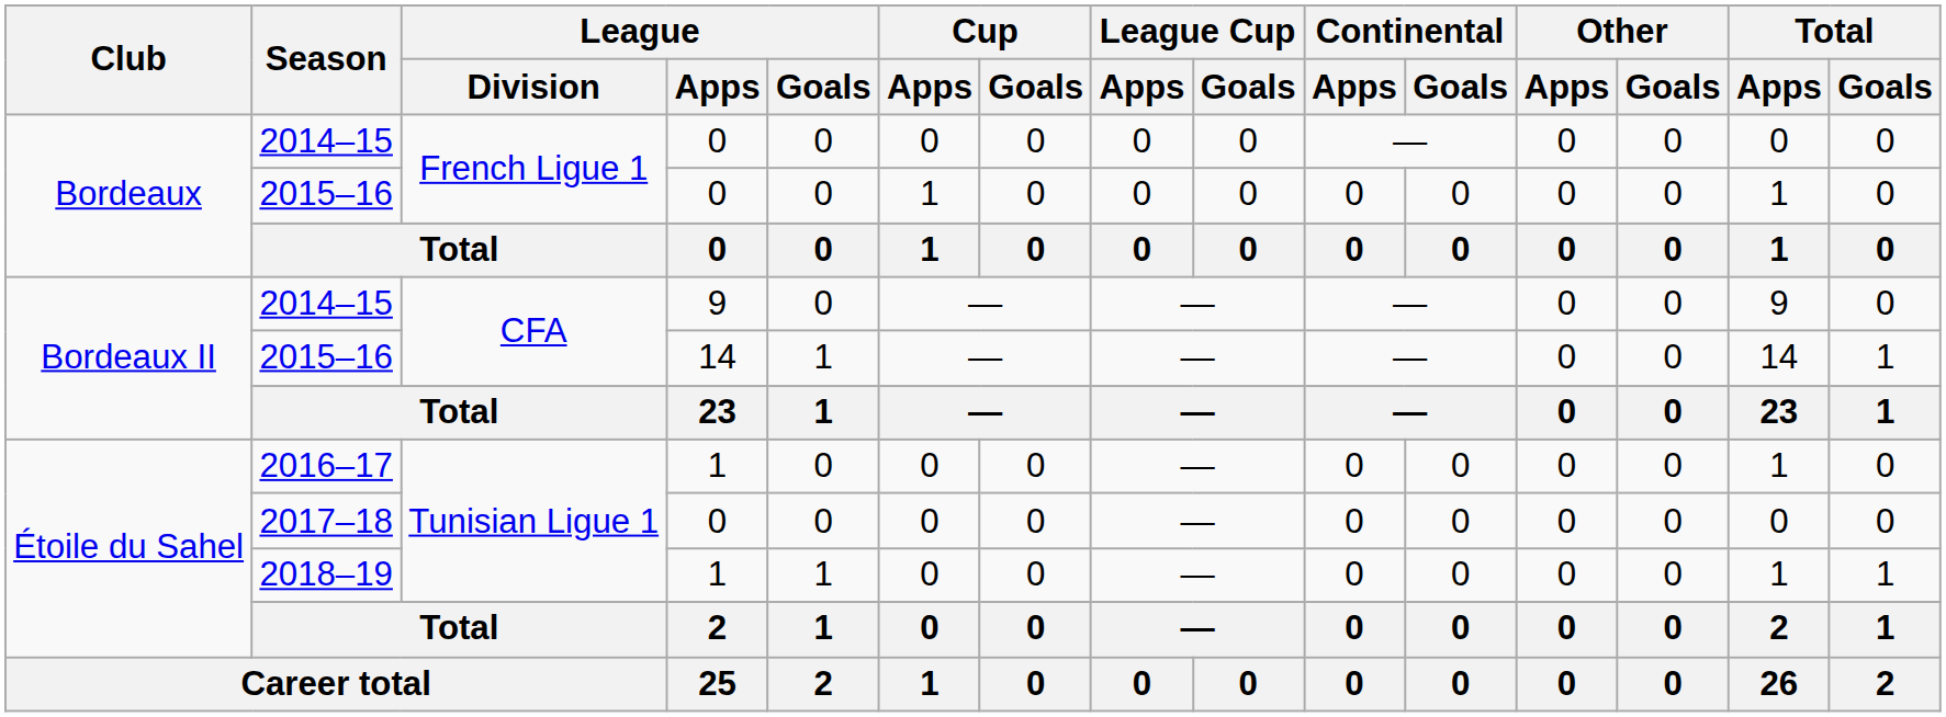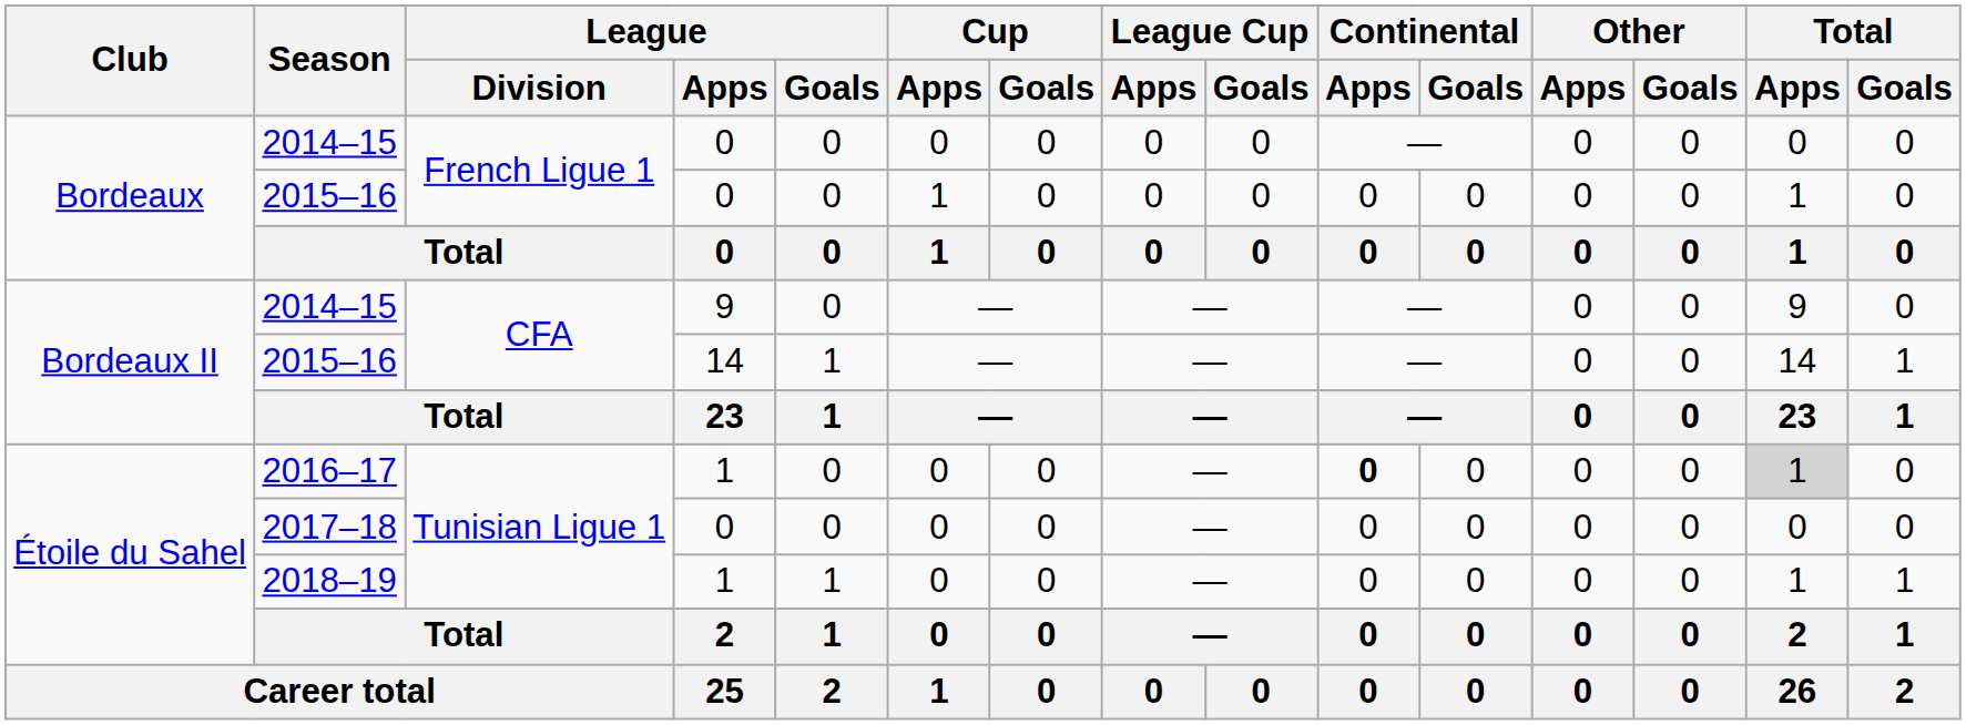 <table class="wikitable" style="text-align:center">
 <tr>
 <th rowspan="2">Club</th>
 <th rowspan="2">Season</th>
 <th colspan="3">League</th>
 <th colspan="2">Cup</th>
 <th colspan="2">League Cup</th>
 <th colspan="2">Continental</th>
 <th colspan="2">Other</th>
 <th colspan="2">Total</th>
 </tr>
 <tr>
 <th>Division</th>
 <th>Apps</th>
 <th>Goals</th>
 <th>Apps</th>
 <th>Goals</th>
 <th>Apps</th>
 <th>Goals</th>
 <th>Apps</th>
 <th>Goals</th>
 <th>Apps</th>
 <th>Goals</th>
 <th>Apps</th>
 <th>Goals</th>
 </tr>
 <tr>
 <td rowspan="3"><a href='#'>Bordeaux</a></td>
 <td><a href='#'>2014–15</a></td>
 <td rowspan="2"><a href='#'>French Ligue 1</a></td>
 <td>0</td>
 <td>0</td>
 <td>0</td>
 <td>0</td>
 <td>0</td>
 <td>0</td>
 <td colspan="2">—</td>
 <td>0</td>
 <td>0</td>
 <td>0</td>
 <td>0</td>
 </tr>
 <tr>
 <td><a href='#'>2015–16</a></td>
 <td>0</td>
 <td>0</td>
 <td>1</td>
 <td>0</td>
 <td>0</td>
 <td>0</td>
 <td>0</td>
 <td>0</td>
 <td>0</td>
 <td>0</td>
 <td>1</td>
 <td>0</td>
 </tr>
 <tr>
 <th colspan="2">Total</th>
 <th>0</th>
 <th>0</th>
 <th>1</th>
 <th>0</th>
 <th>0</th>
 <th>0</th>
 <th>0</th>
 <th>0</th>
 <th>0</th>
 <th>0</th>
 <th>1</th>
 <th>0</th>
 </tr>
 <tr>
 <td rowspan="3"><a href='#'>Bordeaux II</a></td>
 <td><a href='#'>2014–15</a></td>
 <td rowspan="2"><a href='#'>CFA</a></td>
 <td>9</td>
 <td>0</td>
 <td colspan="2">—</td>
 <td colspan="2">—</td>
 <td colspan="2">—</td>
 <td>0</td>
 <td>0</td>
 <td>9</td>
 <td>0</td>
 </tr>
 <tr>
 <td><a href='#'>2015–16</a></td>
 <td>14</td>
 <td>1</td>
 <td colspan="2">—</td>
 <td colspan="2">—</td>
 <td colspan="2">—</td>
 <td>0</td>
 <td>0</td>
 <td>14</td>
 <td>1</td>
 </tr>
 <tr>
 <th colspan="2">Total</th>
 <th>23</th>
 <th>1</th>
 <th colspan="2">—</th>
 <th colspan="2">—</th>
 <th colspan="2">—</th>
 <th>0</th>
 <th>0</th>
 <th>23</th>
 <th>1</th>
 </tr>
 <tr>
 <td rowspan="4"><a href='#'>Étoile du Sahel</a></td>
 <td><a href='#'>2016–17</a></td>
 <td rowspan="3"><a href='#'>Tunisian Ligue 1</a></td>
 <td>1</td>
 <td>0</td>
 <td>0</td>
 <td>0</td>
 <td colspan="2">—</td>
+<td><strong>0</strong></td>
 <td>0</td>
 <td>0</td>
 <td>0</td>
-<td>0</td>
-<td>1</td>
+<td style="background: lightgrey;">1</td>
 <td>0</td>
 </tr>
 <tr>
 <td><a href='#'>2017–18</a></td>
 <td>0</td>
 <td>0</td>
 <td>0</td>
 <td>0</td>
 <td colspan="2">—</td>
 <td>0</td>
 <td>0</td>
 <td>0</td>
 <td>0</td>
 <td>0</td>
 <td>0</td>
 </tr>
 <tr>
 <td><a href='#'>2018–19</a></td>
 <td>1</td>
 <td>1</td>
 <td>0</td>
 <td>0</td>
 <td colspan="2">—</td>
 <td>0</td>
 <td>0</td>
 <td>0</td>
 <td>0</td>
 <td>1</td>
 <td>1</td>
 </tr>
 <tr>
 <th colspan="2">Total</th>
 <th>2</th>
 <th>1</th>
 <th>0</th>
 <th>0</th>
 <th colspan="2">—</th>
 <th>0</th>
 <th>0</th>
 <th>0</th>
 <th>0</th>
 <th>2</th>
 <th>1</th>
 </tr>
 <tr>
 <th colspan="3">Career total</th>
 <th>25</th>
 <th>2</th>
 <th>1</th>
 <th>0</th>
 <th>0</th>
 <th>0</th>
 <th>0</th>
 <th>0</th>
 <th>0</th>
 <th>0</th>
 <th>26</th>
 <th>2</th>
 </tr>
 </table>
